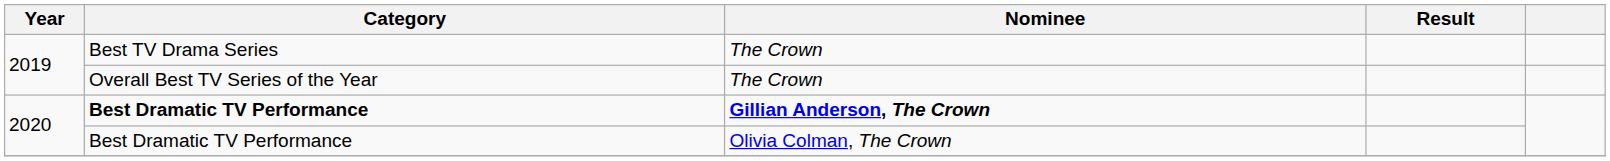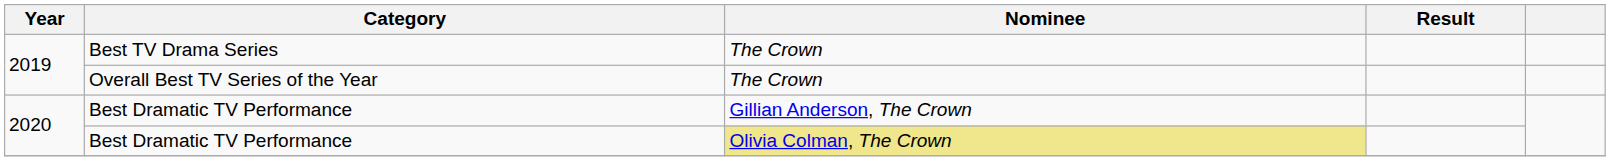 <table class="wikitable" style="width:85%;">
 <tr>
 <th width=5%>Year</th>
 <th style="width:40%;">Category</th>
 <th style="width:40%;">Nominee</th>
 <th style="width:10%;">Result</th>
 <th width=5%></th>
 </tr>
 <tr>
 <td vstyle="text-align: center;" rowspan="2">2019</td>
 <td>Best TV Drama Series</td>
 <td><em>The Crown</em></td>
 <td></td>
 <td rowspan="1"></td>
 </tr>
 <tr>
 <td>Overall Best TV Series of the Year</td>
 <td><em>The Crown</em></td>
 <td></td>
 <td rowspan="1"></td>
 </tr>
 <tr>
 <td vstyle="text-align: center;" rowspan="2">2020</td>
-<td><strong>Best Dramatic TV Performance</strong></td>
-<td><strong><a href='#'>Gillian Anderson</a>, <em>The Crown</em></strong></td>
+<td>Best Dramatic TV Performance</td>
+<td><a href='#'>Gillian Anderson</a>, <em>The Crown</em></td>
 <td></td>
 <td rowspan="2"></td>
 </tr>
 <tr>
 <td>Best Dramatic TV Performance</td>
-<td><a href='#'>Olivia Colman</a>, <em>The Crown</em></td>
+<td style="background: khaki;"><a href='#'>Olivia Colman</a>, <em>The Crown</em></td>
 <td></td>
 </tr>
 <tr>
 </tr>
 </table>
